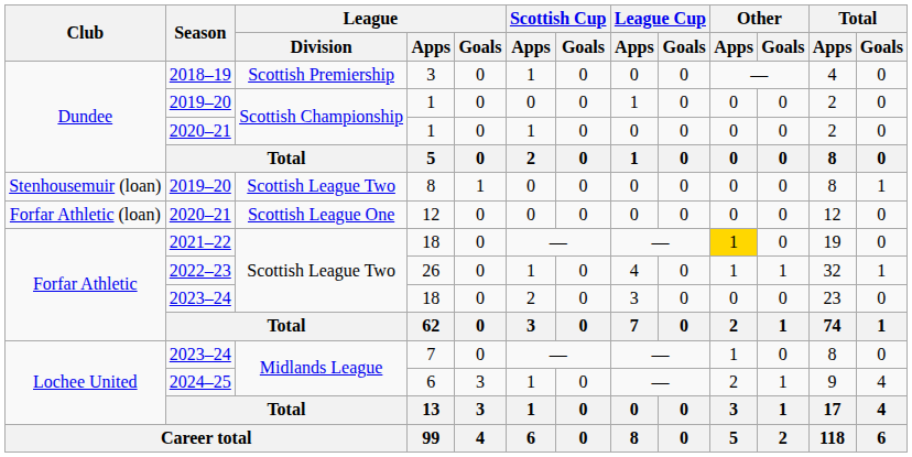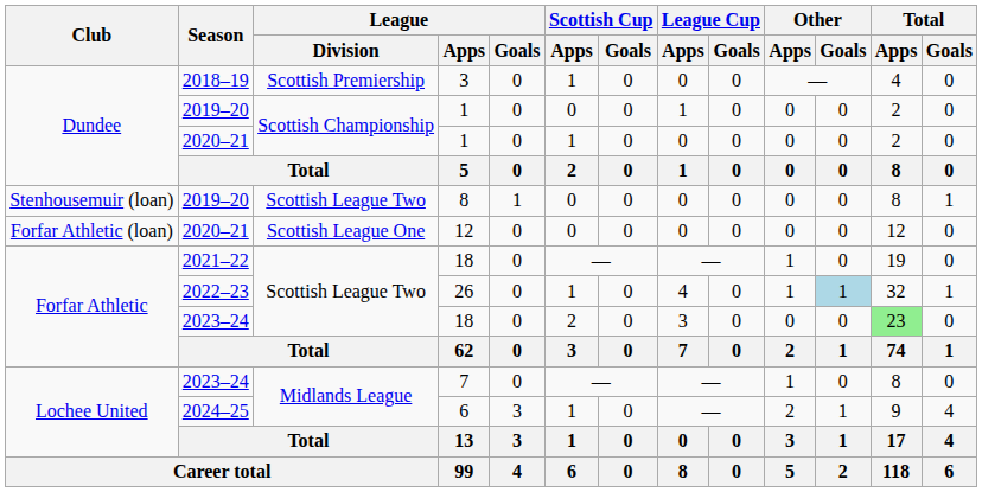 <table class="wikitable" style="text-align: center">
 <tr>
 <th rowspan="2">Club</th>
 <th rowspan="2">Season</th>
 <th colspan="3">League</th>
 <th colspan="2"><a href='#'>Scottish Cup</a></th>
 <th colspan="2"><a href='#'>League Cup</a></th>
 <th colspan="2">Other</th>
 <th colspan="2">Total</th>
 </tr>
 <tr>
 <th>Division</th>
 <th>Apps</th>
 <th>Goals</th>
 <th>Apps</th>
 <th>Goals</th>
 <th>Apps</th>
 <th>Goals</th>
 <th>Apps</th>
 <th>Goals</th>
 <th>Apps</th>
 <th>Goals</th>
 </tr>
 <tr>
 <td rowspan="4"><a href='#'>Dundee</a></td>
 <td><a href='#'>2018–19</a></td>
 <td><a href='#'>Scottish Premiership</a></td>
 <td>3</td>
 <td>0</td>
 <td>1</td>
 <td>0</td>
 <td>0</td>
 <td>0</td>
 <td colspan="2">—</td>
 <td>4</td>
 <td>0</td>
 </tr>
 <tr>
 <td><a href='#'>2019–20</a></td>
 <td rowspan="2"><a href='#'>Scottish Championship</a></td>
 <td>1</td>
 <td>0</td>
 <td>0</td>
 <td>0</td>
 <td>1</td>
 <td>0</td>
 <td>0</td>
 <td>0</td>
 <td>2</td>
 <td>0</td>
 </tr>
 <tr>
 <td><a href='#'>2020–21</a></td>
 <td>1</td>
 <td>0</td>
 <td>1</td>
 <td>0</td>
 <td>0</td>
 <td>0</td>
 <td>0</td>
 <td>0</td>
 <td>2</td>
 <td>0</td>
 </tr>
 <tr>
 <th colspan="2">Total</th>
 <th>5</th>
 <th>0</th>
 <th>2</th>
 <th>0</th>
 <th>1</th>
 <th>0</th>
 <th>0</th>
 <th>0</th>
 <th>8</th>
 <th>0</th>
 </tr>
 <tr>
 <td><a href='#'>Stenhousemuir</a> (loan)</td>
 <td><a href='#'>2019–20</a></td>
 <td><a href='#'>Scottish League Two</a></td>
 <td>8</td>
 <td>1</td>
 <td>0</td>
 <td>0</td>
 <td>0</td>
 <td>0</td>
 <td>0</td>
 <td>0</td>
 <td>8</td>
 <td>1</td>
 </tr>
 <tr>
 <td><a href='#'>Forfar Athletic</a> (loan)</td>
 <td><a href='#'>2020–21</a></td>
 <td><a href='#'>Scottish League One</a></td>
 <td>12</td>
 <td>0</td>
 <td>0</td>
 <td>0</td>
 <td>0</td>
 <td>0</td>
 <td>0</td>
 <td>0</td>
 <td>12</td>
 <td>0</td>
 </tr>
 <tr>
 <td rowspan="4"><a href='#'>Forfar Athletic</a></td>
 <td><a href='#'>2021–22</a></td>
 <td rowspan="3">Scottish League Two</td>
 <td>18</td>
 <td>0</td>
 <td colspan="2">—</td>
 <td colspan="2">—</td>
-<td style="background: gold;">1</td>
+<td>1</td>
 <td>0</td>
 <td>19</td>
 <td>0</td>
 </tr>
 <tr>
 <td><a href='#'>2022–23</a></td>
 <td>26</td>
 <td>0</td>
 <td>1</td>
 <td>0</td>
 <td>4</td>
 <td>0</td>
 <td>1</td>
-<td>1</td>
+<td style="background: lightblue;">1</td>
 <td>32</td>
 <td>1</td>
 </tr>
 <tr>
 <td><a href='#'>2023–24</a></td>
 <td>18</td>
 <td>0</td>
 <td>2</td>
 <td>0</td>
 <td>3</td>
 <td>0</td>
 <td>0</td>
 <td>0</td>
-<td>23</td>
+<td style="background: lightgreen;">23</td>
 <td>0</td>
 </tr>
 <tr>
 <th colspan="2">Total</th>
 <th>62</th>
 <th>0</th>
 <th>3</th>
 <th>0</th>
 <th>7</th>
 <th>0</th>
 <th>2</th>
 <th>1</th>
 <th>74</th>
 <th>1</th>
 </tr>
 <tr>
 <td rowspan="3"><a href='#'>Lochee United</a></td>
 <td><a href='#'>2023–24</a></td>
 <td rowspan="2"><a href='#'>Midlands League</a></td>
 <td>7</td>
 <td>0</td>
 <td colspan="2">—</td>
 <td colspan="2">—</td>
 <td>1</td>
 <td>0</td>
 <td>8</td>
 <td>0</td>
 </tr>
 <tr>
 <td><a href='#'>2024–25</a></td>
 <td>6</td>
 <td>3</td>
 <td>1</td>
 <td>0</td>
 <td colspan="2">—</td>
 <td>2</td>
 <td>1</td>
 <td>9</td>
 <td>4</td>
 </tr>
 <tr>
 <th colspan="2">Total</th>
 <th>13</th>
 <th>3</th>
 <th>1</th>
 <th>0</th>
 <th>0</th>
 <th>0</th>
 <th>3</th>
 <th>1</th>
 <th>17</th>
 <th>4</th>
 </tr>
 <tr>
 <th colspan="3">Career total</th>
 <th>99</th>
 <th>4</th>
 <th>6</th>
 <th>0</th>
 <th>8</th>
 <th>0</th>
 <th>5</th>
 <th>2</th>
 <th>118</th>
 <th>6</th>
 </tr>
 </table>
